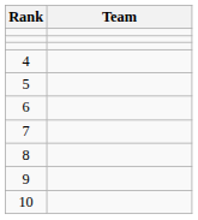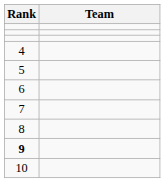 <table class="wikitable">
 <tr>
 <th>Rank</th>
 <th width=150>Team</th>
 </tr>
 <tr>
 <td align=center></td>
 <td></td>
 </tr>
 <tr>
 <td align=center></td>
 <td></td>
 </tr>
 <tr>
 <td align=center></td>
 <td></td>
 </tr>
 <tr>
 <td align=center>4</td>
 <td></td>
 </tr>
 <tr>
 <td align=center>5</td>
 <td></td>
 </tr>
 <tr>
 <td align=center>6</td>
 <td></td>
 </tr>
 <tr>
 <td align=center>7</td>
 <td></td>
 </tr>
 <tr>
 <td align=center>8</td>
 <td></td>
 </tr>
 <tr>
-<td align=center>9</td>
+<td align=center><strong>9</strong></td>
 <td></td>
 </tr>
 <tr>
 <td align=center>10</td>
 <td></td>
 </tr>
 </table>
